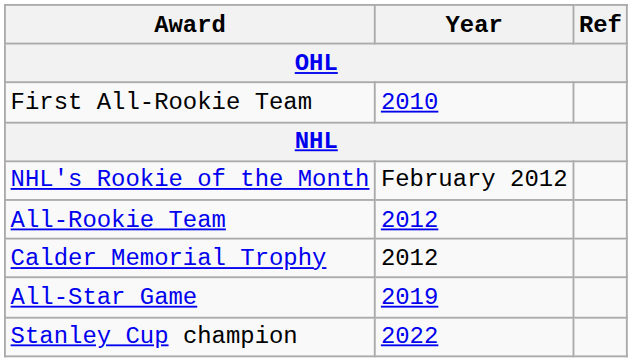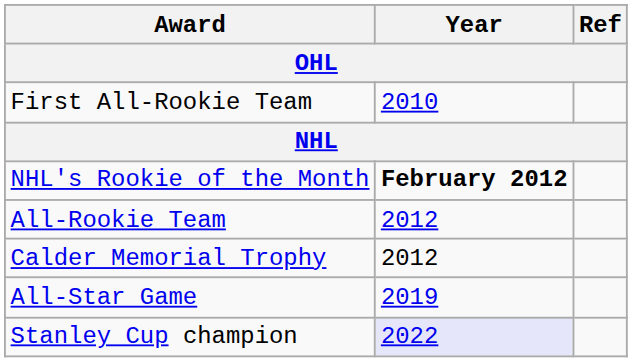 <table class="wikitable">
 <tr>
 <th>Award</th>
 <th>Year</th>
 <th>Ref</th>
 </tr>
 <tr>
 <th colspan="3"><a href='#'>OHL</a></th>
 </tr>
 <tr>
 <td>First All-Rookie Team</td>
 <td><a href='#'>2010</a></td>
 <td></td>
 </tr>
 <tr>
 <th colspan="3"><a href='#'>NHL</a></th>
 </tr>
 <tr>
 <td><a href='#'>NHL's Rookie of the Month</a></td>
-<td>February 2012</td>
+<td><strong>February 2012</strong></td>
 <td></td>
 </tr>
 <tr>
 <td><a href='#'>All-Rookie Team</a></td>
 <td><a href='#'>2012</a></td>
 <td></td>
 </tr>
 <tr>
 <td><a href='#'>Calder Memorial Trophy</a></td>
 <td>2012</td>
 <td></td>
 </tr>
 <tr>
 <td><a href='#'>All-Star Game</a></td>
 <td><a href='#'>2019</a></td>
 <td></td>
 </tr>
 <tr>
 <td><a href='#'>Stanley Cup</a> champion</td>
-<td><a href='#'>2022</a></td>
+<td style="background: lavender;"><a href='#'>2022</a></td>
 <td></td>
 </tr>
 </table>
